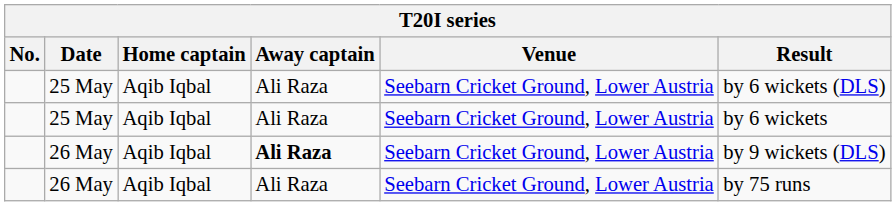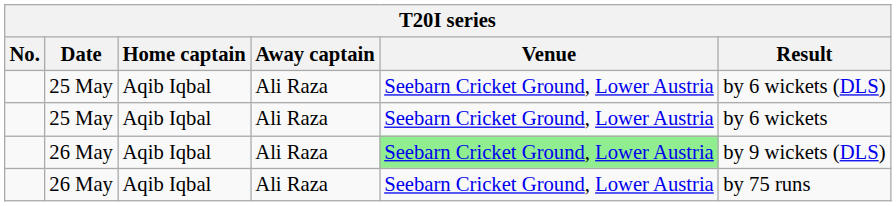 <table class="wikitable">
 <tr>
 <th colspan="6">T20I series</th>
 </tr>
 <tr>
 <th>No.</th>
 <th>Date</th>
 <th>Home captain</th>
 <th>Away captain</th>
 <th>Venue</th>
 <th>Result</th>
 </tr>
 <tr>
 <td></td>
 <td>25 May</td>
 <td>Aqib Iqbal</td>
 <td>Ali Raza</td>
 <td><a href='#'>Seebarn Cricket Ground</a>, <a href='#'>Lower Austria</a></td>
 <td> by 6 wickets (<a href='#'>DLS</a>)</td>
 </tr>
 <tr>
 <td></td>
 <td>25 May</td>
 <td>Aqib Iqbal</td>
 <td>Ali Raza</td>
 <td><a href='#'>Seebarn Cricket Ground</a>, <a href='#'>Lower Austria</a></td>
 <td> by 6 wickets</td>
 </tr>
 <tr>
 <td></td>
 <td>26 May</td>
 <td>Aqib Iqbal</td>
-<td><strong>Ali Raza</strong></td>
-<td><a href='#'>Seebarn Cricket Ground</a>, <a href='#'>Lower Austria</a></td>
+<td>Ali Raza</td>
+<td style="background: lightgreen;"><a href='#'>Seebarn Cricket Ground</a>, <a href='#'>Lower Austria</a></td>
 <td> by 9 wickets (<a href='#'>DLS</a>)</td>
 </tr>
 <tr>
 <td></td>
 <td>26 May</td>
 <td>Aqib Iqbal</td>
 <td>Ali Raza</td>
 <td><a href='#'>Seebarn Cricket Ground</a>, <a href='#'>Lower Austria</a></td>
 <td> by 75 runs</td>
 </tr>
 </table>
